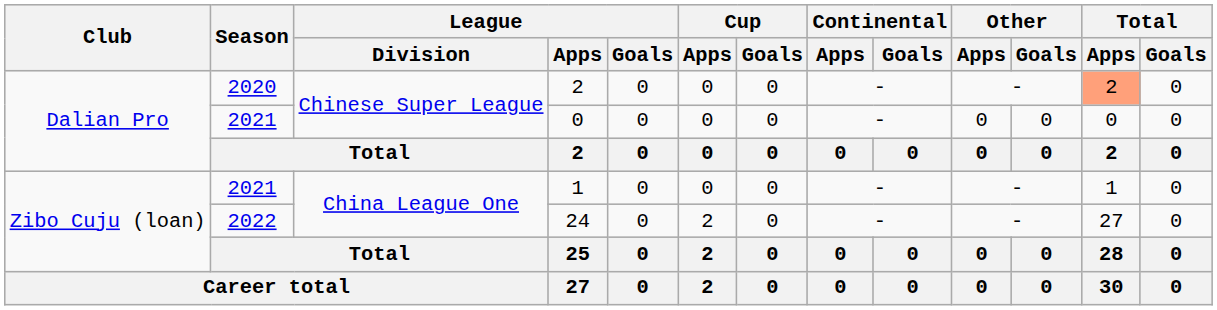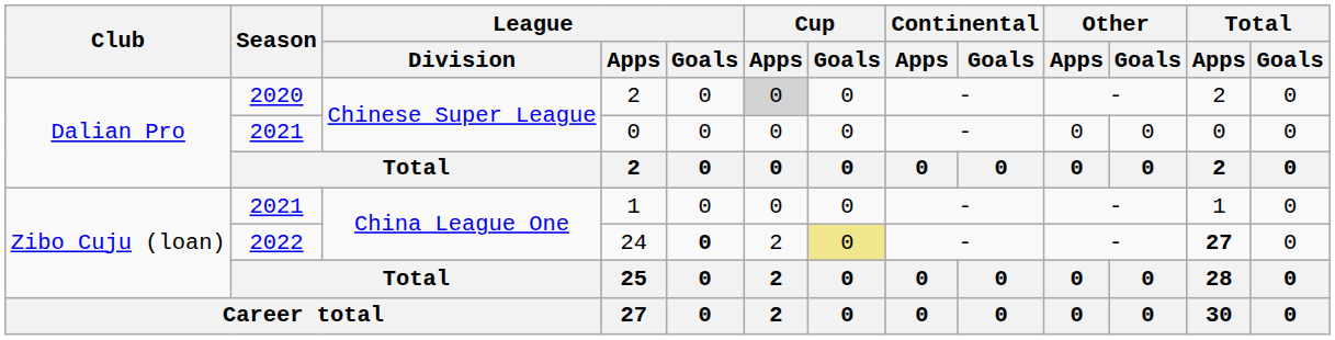 <table class="wikitable" style="text-align: center">
 <tr>
 <th rowspan="2">Club</th>
 <th rowspan="2">Season</th>
 <th colspan="3">League</th>
 <th colspan="2">Cup</th>
 <th colspan="2">Continental</th>
 <th colspan="2">Other</th>
 <th colspan="2">Total</th>
 </tr>
 <tr>
 <th>Division</th>
 <th>Apps</th>
 <th>Goals</th>
 <th>Apps</th>
 <th>Goals</th>
 <th>Apps</th>
 <th>Goals</th>
 <th>Apps</th>
 <th>Goals</th>
 <th>Apps</th>
 <th>Goals</th>
 </tr>
 <tr>
 <td rowspan="3"><a href='#'>Dalian Pro</a></td>
 <td><a href='#'>2020</a></td>
 <td rowspan="2"><a href='#'>Chinese Super League</a></td>
 <td>2</td>
 <td>0</td>
-<td>0</td>
+<td style="background: lightgrey;">0</td>
 <td>0</td>
 <td colspan="2">-</td>
 <td colspan="2">-</td>
-<td style="background: lightsalmon;">2</td>
+<td>2</td>
 <td>0</td>
 </tr>
 <tr>
 <td><a href='#'>2021</a></td>
 <td>0</td>
 <td>0</td>
 <td>0</td>
 <td>0</td>
 <td colspan="2">-</td>
 <td>0</td>
 <td>0</td>
 <td>0</td>
 <td>0</td>
 </tr>
 <tr>
 <th colspan=2>Total</th>
 <th>2</th>
 <th>0</th>
 <th>0</th>
 <th>0</th>
 <th>0</th>
 <th>0</th>
 <th>0</th>
 <th>0</th>
 <th>2</th>
 <th>0</th>
 </tr>
 <tr>
 <td rowspan=3><a href='#'>Zibo Cuju</a> (loan)</td>
 <td><a href='#'>2021</a></td>
 <td rowspan=2><a href='#'>China League One</a></td>
 <td>1</td>
 <td>0</td>
 <td>0</td>
 <td>0</td>
 <td colspan="2">-</td>
 <td colspan="2">-</td>
 <td>1</td>
 <td>0</td>
 </tr>
 <tr>
 <td><a href='#'>2022</a></td>
 <td>24</td>
-<td>0</td>
+<td><strong>0</strong></td>
 <td>2</td>
-<td>0</td>
+<td style="background: khaki;">0</td>
 <td colspan="2">-</td>
 <td colspan="2">-</td>
-<td>27</td>
+<td><strong>27</strong></td>
 <td>0</td>
 </tr>
 <tr>
 <th colspan=2>Total</th>
 <th>25</th>
 <th>0</th>
 <th>2</th>
 <th>0</th>
 <th>0</th>
 <th>0</th>
 <th>0</th>
 <th>0</th>
 <th>28</th>
 <th>0</th>
 </tr>
 <tr>
 <th colspan=3>Career total</th>
 <th>27</th>
 <th>0</th>
 <th>2</th>
 <th>0</th>
 <th>0</th>
 <th>0</th>
 <th>0</th>
 <th>0</th>
 <th>30</th>
 <th>0</th>
 </tr>
 </table>
